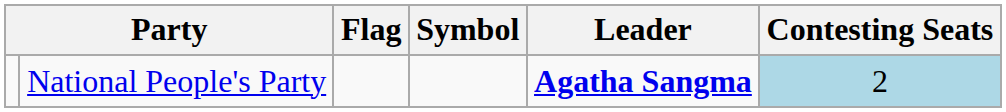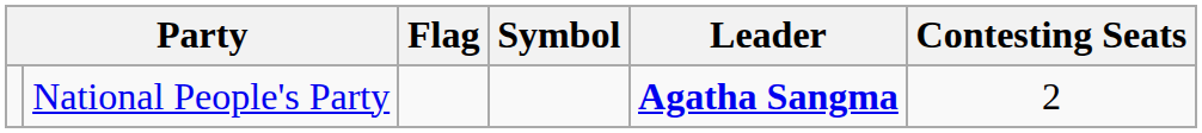 <table class="wikitable" style="text-align:center">
 <tr>
 <th colspan="2">Party</th>
 <th>Flag</th>
 <th>Symbol</th>
 <th>Leader</th>
 <th>Contesting Seats</th>
 </tr>
 <tr>
 <td></td>
 <td><a href='#'>National People's Party</a></td>
 <td></td>
 <td></td>
 <td><strong><a href='#'>Agatha Sangma</a></strong></td>
-<td style="background: lightblue;">2</td>
+<td>2</td>
 </tr>
 </table>
